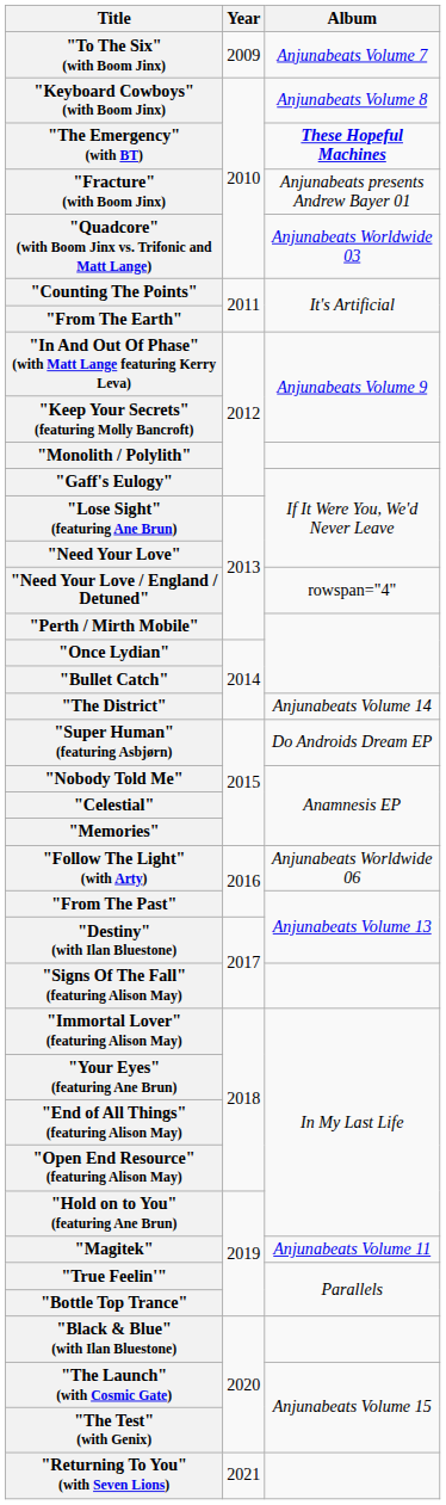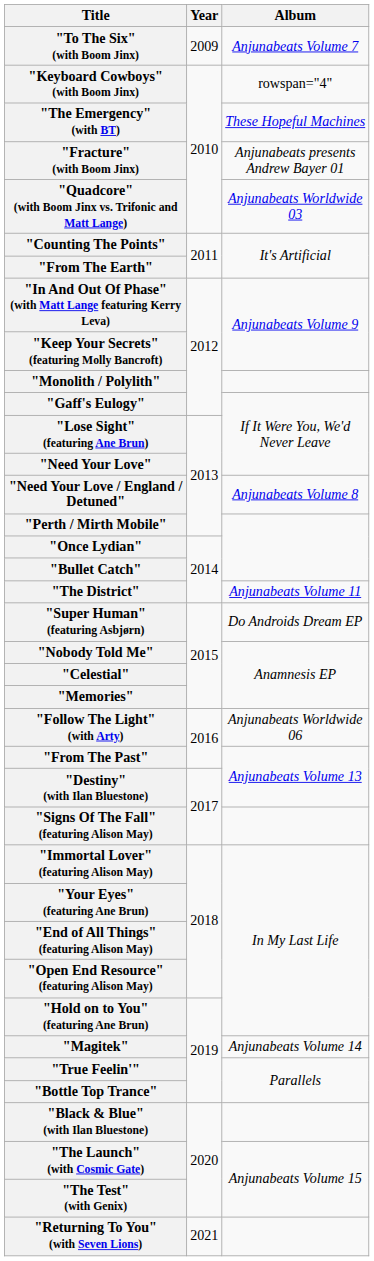 <table class="wikitable plainrowheaders" style="text-align:center;">
 <tr>
 <th scope="col" style="width:12.5em;">Title</th>
 <th scope="col" style="width:2em;">Year</th>
 <th scope="col" style="width:10em;">Album</th>
 </tr>
 <tr>
 <th scope="row">"To The Six" <br><small>(with Boom Jinx)</small></th>
 <td>2009</td>
 <td><em><a href='#'>Anjunabeats Volume 7</a></em></td>
 </tr>
 <tr>
 <th scope="row">"Keyboard Cowboys" <br><small>(with Boom Jinx)</small></th>
 <td rowspan="4">2010</td>
-<td><em><a href='#'>Anjunabeats Volume 8</a></em></td>
+<td>rowspan="4" </td>
 </tr>
 <tr>
 <th scope="row">"The Emergency" <br><small>(with <a href='#'>BT</a>)</small></th>
-<td><strong><em><a href='#'>These Hopeful Machines</a></em></strong></td>
+<td><em><a href='#'>These Hopeful Machines</a></em></td>
 </tr>
 <tr>
 <th scope="row">"Fracture" <br><small>(with Boom Jinx)</small></th>
 <td><em>Anjunabeats presents Andrew Bayer 01</em></td>
 </tr>
 <tr>
 <th scope="row">"Quadcore" <br><small>(with Boom Jinx vs. Trifonic and <a href='#'>Matt Lange</a>)</small></th>
 <td><em><a href='#'>Anjunabeats Worldwide 03</a></em></td>
 </tr>
 <tr>
 <th scope="row">"Counting The Points"</th>
 <td rowspan="2">2011</td>
 <td rowspan="2"><em>It's Artificial</em></td>
 </tr>
 <tr>
 <th scope="row">"From The Earth"</th>
 </tr>
 <tr>
 <th scope="row">"In And Out Of Phase" <br><small>(with <a href='#'>Matt Lange</a> featuring Kerry Leva)</small></th>
 <td rowspan="4">2012</td>
 <td rowspan="2"><em><a href='#'>Anjunabeats Volume 9</a></em></td>
 </tr>
 <tr>
 <th scope="row">"Keep Your Secrets" <br><small>(featuring Molly Bancroft)</small></th>
 </tr>
 <tr>
 <th scope="row">"Monolith / Polylith"</th>
 <td></td>
 </tr>
 <tr>
 <th scope="row">"Gaff's Eulogy"</th>
 <td rowspan="3"><em>If It Were You, We'd Never Leave</em></td>
 </tr>
 <tr>
 <th scope="row">"Lose Sight" <br><small>(featuring <a href='#'>Ane Brun</a>)</small></th>
 <td rowspan="4">2013</td>
 </tr>
 <tr>
 <th scope="row">"Need Your Love"</th>
 </tr>
 <tr>
 <th scope="row">"Need Your Love / England / Detuned"</th>
-<td>rowspan="4" </td>
+<td><em><a href='#'>Anjunabeats Volume 8</a></em></td>
 </tr>
 <tr>
 <th scope="row">"Perth / Mirth Mobile"</th>
 </tr>
 <tr>
 <th scope="row">"Once Lydian"</th>
 <td rowspan="3">2014</td>
 </tr>
 <tr>
 <th scope="row">"Bullet Catch"</th>
 </tr>
 <tr>
 <th scope="row">"The District"</th>
-<td><em>Anjunabeats Volume 14</em></td>
+<td><em><a href='#'>Anjunabeats Volume 11</a></em></td>
 </tr>
 <tr>
 <th scope="row">"Super Human" <br><small>(featuring Asbjørn)</small></th>
 <td rowspan="4">2015</td>
 <td><em>Do Androids Dream EP</em></td>
 </tr>
 <tr>
 <th scope="row">"Nobody Told Me"</th>
 <td rowspan="3"><em>Anamnesis EP</em></td>
 </tr>
 <tr>
 <th scope="row">"Celestial"</th>
 </tr>
 <tr>
 <th scope="row">"Memories"</th>
 </tr>
 <tr>
 <th scope="row">"Follow The Light" <br><small>(with <a href='#'>Arty</a>)</small></th>
 <td rowspan="2">2016</td>
 <td><em>Anjunabeats Worldwide 06</em></td>
 </tr>
 <tr>
 <th scope="row">"From The Past"</th>
 <td rowspan="2"><em><a href='#'>Anjunabeats Volume 13</a></em></td>
 </tr>
 <tr>
 <th scope="row">"Destiny" <br><small>(with Ilan Bluestone)</small></th>
 <td rowspan="2">2017</td>
 </tr>
 <tr>
 <th scope="row">"Signs Of The Fall" <br><small>(featuring Alison May)</small></th>
 <td></td>
 </tr>
 <tr>
 <th scope="row">"Immortal Lover" <br><small>(featuring Alison May)</small></th>
 <td rowspan="4">2018</td>
 <td rowspan="5"><em>In My Last Life</em></td>
 </tr>
 <tr>
 <th scope="row">"Your Eyes" <br><small>(featuring Ane Brun)</small></th>
 </tr>
 <tr>
 <th scope="row">"End of All Things" <br><small>(featuring Alison May)</small></th>
 </tr>
 <tr>
 <th scope="row">"Open End Resource" <br><small>(featuring Alison May)</small></th>
 </tr>
 <tr>
 <th scope="row">"Hold on to You" <br><small>(featuring Ane Brun)</small></th>
 <td rowspan="4">2019</td>
 </tr>
 <tr>
 <th scope="row">"Magitek"</th>
-<td><em><a href='#'>Anjunabeats Volume 11</a></em></td>
+<td><em>Anjunabeats Volume 14</em></td>
 </tr>
 <tr>
 <th scope="row">"True Feelin'"</th>
 <td rowspan="2"><em>Parallels</em></td>
 </tr>
 <tr>
 <th scope="row">"Bottle Top Trance"</th>
 </tr>
 <tr>
 <th scope="row">"Black & Blue" <br><small>(with Ilan Bluestone)</small></th>
 <td rowspan="3">2020</td>
 <td></td>
 </tr>
 <tr>
 <th scope="row">"The Launch" <br><small>(with <a href='#'>Cosmic Gate</a>)</small></th>
 <td rowspan="2"><em>Anjunabeats Volume 15</em></td>
 </tr>
 <tr>
 <th scope="row">"The Test" <br><small>(with Genix)</small></th>
 </tr>
 <tr>
 <th scope="row">"Returning To You" <br><small>(with <a href='#'>Seven Lions</a>)</small></th>
 <td>2021</td>
 <td></td>
 </tr>
 </table>
